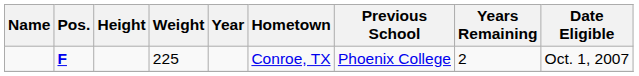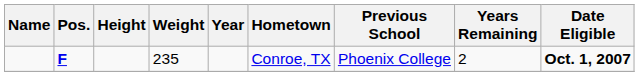 <table class="wikitable sortable" border="1">
 <tr>
 <th>Name</th>
 <th>Pos.</th>
 <th>Height</th>
 <th>Weight</th>
 <th>Year</th>
 <th>Hometown</th>
 <th class="unsortable">Previous<br>School</th>
 <th class="unsortable">Years<br>Remaining</th>
 <th class="unsortable">Date<br>Eligible</th>
 </tr>
 <tr>
 <td></td>
 <td><strong><a href='#'>F</a></strong></td>
 <td></td>
-<td>225</td>
+<td>235</td>
 <td></td>
 <td><a href='#'>Conroe, TX</a></td>
 <td><a href='#'>Phoenix College</a></td>
 <td>2</td>
-<td>Oct. 1, 2007</td>
+<td><strong>Oct. 1, 2007</strong></td>
 </tr>
 <tr>
 </tr>
 </table>
